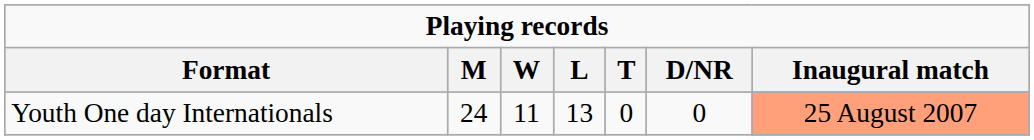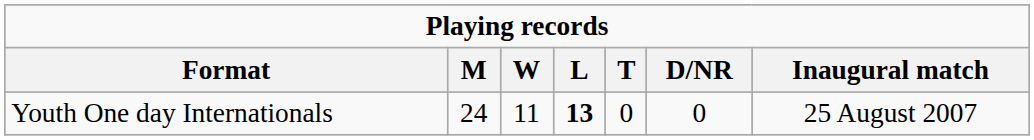 <table class="wikitable" style="text-align: center; width: 600px">
 <tr>
 <td colspan="8" align="center"><strong>Playing records</strong></td>
 </tr>
 <tr>
 <th>Format</th>
 <th>M</th>
 <th>W</th>
 <th>L</th>
 <th>T</th>
 <th>D/NR</th>
 <th>Inaugural match</th>
 </tr>
 <tr>
 <td align="left">Youth One day Internationals</td>
 <td>24</td>
 <td>11</td>
-<td>13</td>
+<td><strong>13</strong></td>
 <td>0</td>
 <td>0</td>
-<td style="background: lightsalmon;">25 August 2007</td>
+<td>25 August 2007</td>
 </tr>
 </table>
